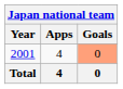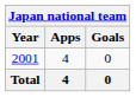 <table class="wikitable" style="text-align:center">
 <tr>
 <th colspan=3><a href='#'>Japan national team</a></th>
 </tr>
 <tr>
 <th>Year</th>
 <th>Apps</th>
 <th>Goals</th>
 </tr>
 <tr>
 <td><a href='#'>2001</a></td>
 <td>4</td>
-<td style="background: lightsalmon;">0</td>
+<td>0</td>
 </tr>
 <tr>
 <th>Total</th>
 <th>4</th>
 <th>0</th>
 </tr>
 </table>
